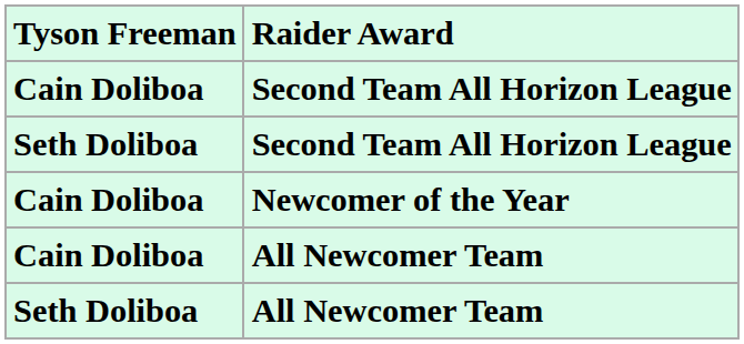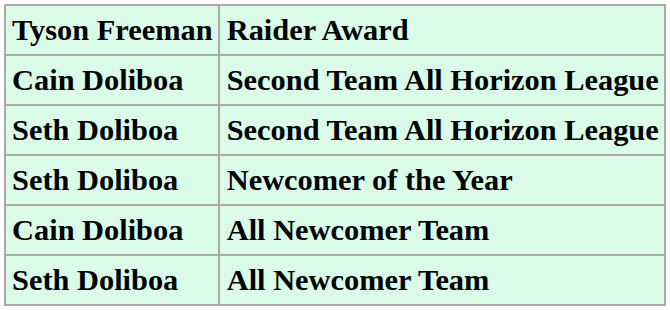 <table class="wikitable" style="background:#d9fbe8; font-size:95%;">
 <tr>
 <td><strong>Tyson Freeman</strong></td>
 <td><strong>Raider Award</strong></td>
 </tr>
 <tr>
 <td><strong>Cain Doliboa</strong></td>
 <td><strong>Second Team All Horizon League</strong></td>
 </tr>
 <tr>
 <td><strong>Seth Doliboa</strong></td>
 <td><strong>Second Team All Horizon League</strong></td>
 </tr>
 <tr>
-<td><strong>Cain Doliboa</strong></td>
+<td><strong>Seth Doliboa</strong></td>
 <td><strong>Newcomer of the Year</strong></td>
 </tr>
 <tr>
 <td><strong>Cain Doliboa</strong></td>
 <td><strong>All Newcomer Team</strong></td>
 </tr>
 <tr>
 <td><strong>Seth Doliboa</strong></td>
 <td><strong>All Newcomer Team</strong></td>
 </tr>
 <tr>
 </tr>
 </table>
